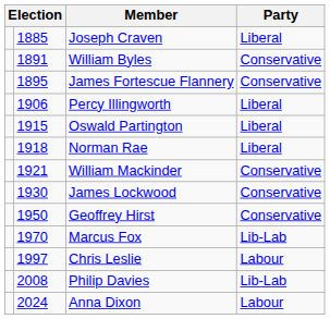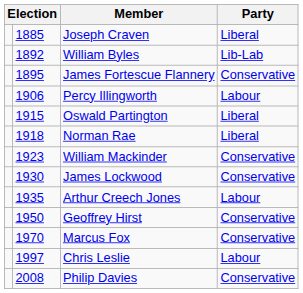 <table class="wikitable">
 <tr>
 <th colspan="2">Election</th>
 <th>Member</th>
 <th>Party</th>
 </tr>
 <tr>
 <td style="color:inherit;background-color: "></td>
 <td><a href='#'>1885</a></td>
 <td><a href='#'>Joseph Craven</a></td>
 <td><a href='#'>Liberal</a></td>
 </tr>
 <tr>
 <td style="color:inherit;background-color: "></td>
-<td><a href='#'>1891</a></td>
+<td><a href='#'>1892</a></td>
 <td><a href='#'>William Byles</a></td>
-<td><a href='#'>Conservative</a></td>
+<td><a href='#'>Lib-Lab</a></td>
 </tr>
 <tr>
 <td style="color:inherit;background-color: "></td>
 <td><a href='#'>1895</a></td>
 <td><a href='#'>James Fortescue Flannery</a></td>
 <td><a href='#'>Conservative</a></td>
 </tr>
 <tr>
 <td style="color:inherit;background-color: "></td>
 <td><a href='#'>1906</a></td>
 <td><a href='#'>Percy Illingworth</a></td>
-<td><a href='#'>Liberal</a></td>
+<td><a href='#'>Labour</a></td>
 </tr>
 <tr>
 <td style="color:inherit;background-color: "></td>
 <td><a href='#'>1915</a></td>
 <td><a href='#'>Oswald Partington</a></td>
 <td><a href='#'>Liberal</a></td>
 </tr>
 <tr>
 <td style="color:inherit;background-color: "></td>
 <td><a href='#'>1918</a></td>
 <td><a href='#'>Norman Rae</a></td>
 <td><a href='#'>Liberal</a></td>
 </tr>
 <tr>
 <td style="color:inherit;background-color: "></td>
-<td><a href='#'>1921</a></td>
+<td><a href='#'>1923</a></td>
 <td><a href='#'>William Mackinder</a></td>
 <td><a href='#'>Conservative</a></td>
 </tr>
 <tr>
 <td style="color:inherit;background-color: "></td>
 <td><a href='#'>1930</a></td>
 <td><a href='#'>James Lockwood</a></td>
 <td><a href='#'>Conservative</a></td>
 </tr>
 <tr>
 <td style="color:inherit;background-color: "></td>
+<td><a href='#'>1935</a></td>
+<td><a href='#'>Arthur Creech Jones</a></td>
+<td><a href='#'>Labour</a></td>
+</tr>
+<tr>
+<td style="color:inherit;background-color: "></td>
 <td><a href='#'>1950</a></td>
 <td><a href='#'>Geoffrey Hirst</a></td>
 <td><a href='#'>Conservative</a></td>
 </tr>
 <tr>
 <td style="color:inherit;background-color: "></td>
 <td><a href='#'>1970</a></td>
 <td><a href='#'>Marcus Fox</a></td>
-<td><a href='#'>Lib-Lab</a></td>
+<td><a href='#'>Conservative</a></td>
 </tr>
 <tr>
 <td style="color:inherit;background-color: "></td>
 <td><a href='#'>1997</a></td>
 <td><a href='#'>Chris Leslie</a></td>
 <td><a href='#'>Labour</a></td>
 </tr>
 <tr>
 <td style="color:inherit;background-color: "></td>
 <td><a href='#'>2008</a></td>
 <td><a href='#'>Philip Davies</a></td>
-<td><a href='#'>Lib-Lab</a></td>
-</tr>
-<tr>
-<td style="color:inherit;background-color: "></td>
-<td><a href='#'>2024</a></td>
-<td><a href='#'>Anna Dixon</a></td>
-<td><a href='#'>Labour</a></td>
+<td><a href='#'>Conservative</a></td>
 </tr>
 </table>
